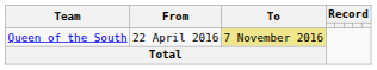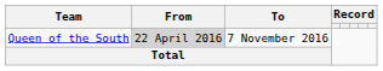 <table class="wikitable" style="text-align: center">
 <tr>
 <th rowspan="2">Team</th>
 <th rowspan="2">From</th>
 <th rowspan="2">To</th>
 <th colspan="9">Record</th>
 </tr>
 <tr>
 <th></th>
 <th></th>
 <th></th>
 <th></th>
 <th></th>
 </tr>
 <tr>
 <td align="left"><a href='#'>Queen of the South</a></td>
-<td align="left">22 April 2016</td>
-<td align="left" style="background: khaki;">7 November 2016<br></td>
+<td align="left" style="background: lightgrey;">22 April 2016</td>
+<td align="left">7 November 2016<br></td>
 </tr>
 <tr>
 <th colspan=3>Total<br></th>
 </tr>
 </table>
